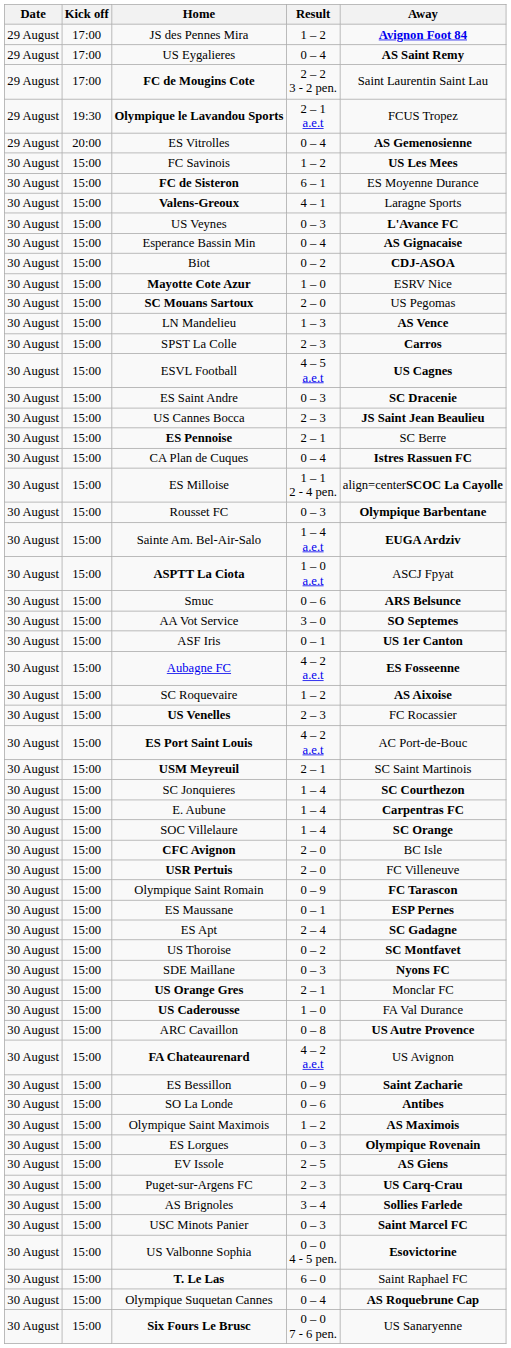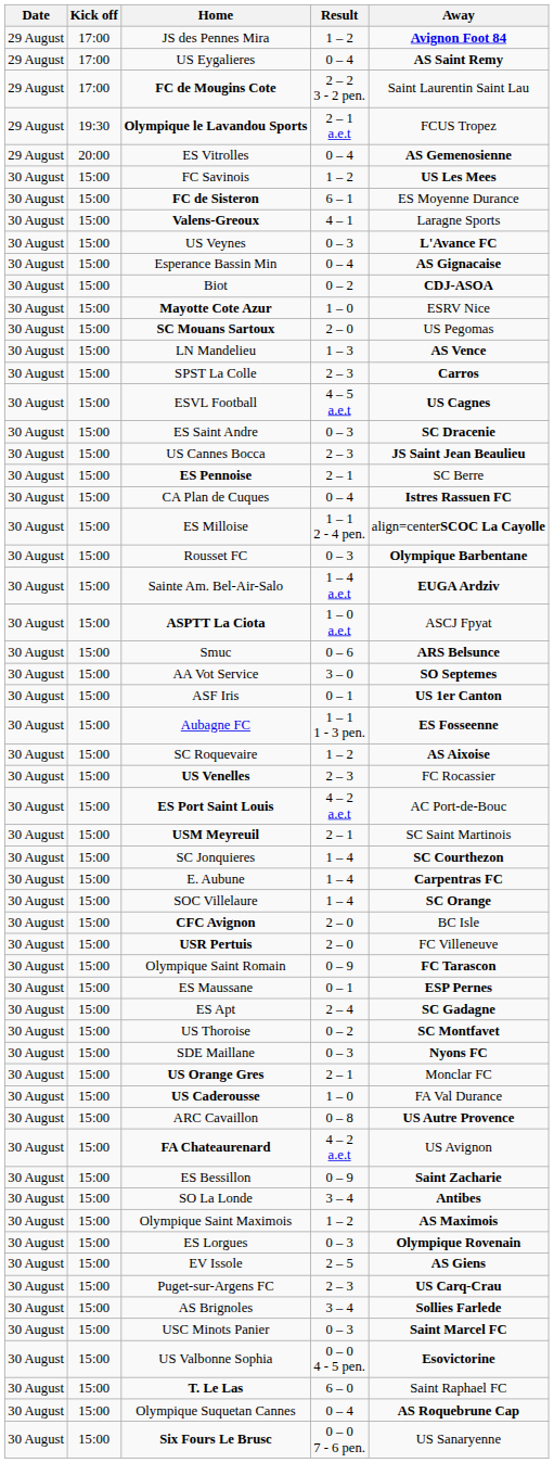 <table class="wikitable" style="text-align: center">
 <tr>
 <th scope="col">Date</th>
 <th scope="col">Kick off</th>
 <th scope="col">Home</th>
 <th scope="col">Result</th>
 <th scope="col">Away</th>
 </tr>
 <tr>
 <td>29 August</td>
 <td>17:00</td>
 <td>JS des Pennes Mira</td>
 <td>1 – 2</td>
 <td><strong><a href='#'>Avignon Foot 84</a></strong></td>
 </tr>
 <tr>
 <td>29 August</td>
 <td>17:00</td>
 <td>US Eygalieres</td>
 <td>0 – 4</td>
 <td><strong>AS Saint Remy</strong></td>
 </tr>
 <tr>
 <td>29 August</td>
 <td>17:00</td>
 <td><strong>FC de Mougins Cote</strong></td>
 <td>2 – 2 <br> 3 - 2 pen.</td>
 <td>Saint Laurentin Saint Lau</td>
 </tr>
 <tr>
 <td>29 August</td>
 <td>19:30</td>
 <td><strong>Olympique le Lavandou Sports</strong></td>
 <td>2 – 1 <br> <a href='#'>a.e.t</a></td>
 <td>FCUS Tropez</td>
 </tr>
 <tr>
 <td>29 August</td>
 <td>20:00</td>
 <td>ES Vitrolles</td>
 <td>0 – 4</td>
 <td><strong>AS Gemenosienne</strong></td>
 </tr>
 <tr>
 <td>30 August</td>
 <td>15:00</td>
 <td>FC Savinois</td>
 <td>1 – 2</td>
 <td><strong>US Les Mees</strong></td>
 </tr>
 <tr>
 <td>30 August</td>
 <td>15:00</td>
 <td><strong>FC de Sisteron</strong></td>
 <td>6 – 1</td>
 <td>ES Moyenne Durance</td>
 </tr>
 <tr>
 <td>30 August</td>
 <td>15:00</td>
 <td><strong>Valens-Greoux</strong></td>
 <td>4 – 1</td>
 <td>Laragne Sports</td>
 </tr>
 <tr>
 <td>30 August</td>
 <td>15:00</td>
 <td>US Veynes</td>
 <td>0 – 3</td>
 <td><strong>L'Avance FC</strong></td>
 </tr>
 <tr>
 <td>30 August</td>
 <td>15:00</td>
 <td>Esperance Bassin Min</td>
 <td>0 – 4</td>
 <td><strong>AS Gignacaise</strong></td>
 </tr>
 <tr>
 <td>30 August</td>
 <td>15:00</td>
 <td>Biot</td>
 <td>0 – 2</td>
 <td><strong>CDJ-ASOA</strong></td>
 </tr>
 <tr>
 <td>30 August</td>
 <td>15:00</td>
 <td><strong>Mayotte Cote Azur</strong></td>
 <td>1 – 0</td>
 <td>ESRV Nice</td>
 </tr>
 <tr>
 <td>30 August</td>
 <td>15:00</td>
 <td><strong>SC Mouans Sartoux</strong></td>
 <td>2 – 0</td>
 <td>US Pegomas</td>
 </tr>
 <tr>
 <td>30 August</td>
 <td>15:00</td>
 <td>LN Mandelieu</td>
 <td>1 – 3</td>
 <td><strong>AS Vence</strong></td>
 </tr>
 <tr>
 <td>30 August</td>
 <td>15:00</td>
 <td>SPST La Colle</td>
 <td>2 – 3</td>
 <td><strong>Carros</strong></td>
 </tr>
 <tr>
 <td>30 August</td>
 <td>15:00</td>
 <td>ESVL Football</td>
 <td>4 – 5 <br> <a href='#'>a.e.t</a></td>
 <td><strong>US Cagnes</strong></td>
 </tr>
 <tr>
 <td>30 August</td>
 <td>15:00</td>
 <td>ES Saint Andre</td>
 <td>0 – 3</td>
 <td><strong>SC Dracenie</strong></td>
 </tr>
 <tr>
 <td>30 August</td>
 <td>15:00</td>
 <td>US Cannes Bocca</td>
 <td>2 – 3</td>
 <td><strong>JS Saint Jean Beaulieu</strong></td>
 </tr>
 <tr>
 <td>30 August</td>
 <td>15:00</td>
 <td><strong>ES Pennoise</strong></td>
 <td>2 – 1</td>
 <td>SC Berre</td>
 </tr>
 <tr>
 <td>30 August</td>
 <td>15:00</td>
 <td>CA Plan de Cuques</td>
 <td>0 – 4</td>
 <td><strong>Istres Rassuen FC</strong></td>
 </tr>
 <tr>
 <td>30 August</td>
 <td>15:00</td>
 <td>ES Milloise</td>
 <td>1 – 1 <br> 2 - 4 pen.</td>
 <td>align=center<strong>SCOC La Cayolle</strong></td>
 </tr>
 <tr>
 <td>30 August</td>
 <td>15:00</td>
 <td>Rousset FC</td>
 <td>0 – 3</td>
 <td><strong>Olympique Barbentane</strong></td>
 </tr>
 <tr>
 <td>30 August</td>
 <td>15:00</td>
 <td>Sainte Am. Bel-Air-Salo</td>
 <td>1 – 4 <br> <a href='#'>a.e.t</a></td>
 <td><strong>EUGA Ardziv</strong></td>
 </tr>
 <tr>
 <td>30 August</td>
 <td>15:00</td>
 <td><strong>ASPTT La Ciota</strong></td>
 <td>1 – 0 <br> <a href='#'>a.e.t</a></td>
 <td>ASCJ Fpyat</td>
 </tr>
 <tr>
 <td>30 August</td>
 <td>15:00</td>
 <td>Smuc</td>
 <td>0 – 6</td>
 <td><strong>ARS Belsunce</strong></td>
 </tr>
 <tr>
 <td>30 August</td>
 <td>15:00</td>
 <td>AA Vot Service</td>
 <td>3 – 0</td>
 <td><strong>SO Septemes</strong></td>
 </tr>
 <tr>
 <td>30 August</td>
 <td>15:00</td>
 <td>ASF Iris</td>
 <td>0 – 1</td>
 <td><strong>US 1er Canton</strong></td>
 </tr>
 <tr>
 <td>30 August</td>
 <td>15:00</td>
 <td><a href='#'>Aubagne FC</a></td>
-<td>4 – 2 <br> <a href='#'>a.e.t</a></td>
+<td>1 – 1 <br> 1 - 3 pen.</td>
 <td><strong>ES Fosseenne</strong></td>
 </tr>
 <tr>
 <td>30 August</td>
 <td>15:00</td>
 <td>SC Roquevaire</td>
 <td>1 – 2</td>
 <td><strong>AS Aixoise</strong></td>
 </tr>
 <tr>
 <td>30 August</td>
 <td>15:00</td>
 <td><strong>US Venelles</strong></td>
 <td>2 – 3</td>
 <td>FC Rocassier</td>
 </tr>
 <tr>
 <td>30 August</td>
 <td>15:00</td>
 <td><strong>ES Port Saint Louis</strong></td>
 <td>4 – 2 <br> <a href='#'>a.e.t</a></td>
 <td>AC Port-de-Bouc</td>
 </tr>
 <tr>
 <td>30 August</td>
 <td>15:00</td>
 <td><strong>USM Meyreuil</strong></td>
 <td>2 – 1</td>
 <td>SC Saint Martinois</td>
 </tr>
 <tr>
 <td>30 August</td>
 <td>15:00</td>
 <td>SC Jonquieres</td>
 <td>1 – 4</td>
 <td><strong>SC Courthezon</strong></td>
 </tr>
 <tr>
 <td>30 August</td>
 <td>15:00</td>
 <td>E. Aubune</td>
 <td>1 – 4</td>
 <td><strong>Carpentras FC</strong></td>
 </tr>
 <tr>
 <td>30 August</td>
 <td>15:00</td>
 <td>SOC Villelaure</td>
 <td>1 – 4</td>
 <td><strong>SC Orange</strong></td>
 </tr>
 <tr>
 <td>30 August</td>
 <td>15:00</td>
 <td><strong>CFC Avignon</strong></td>
 <td>2 – 0</td>
 <td>BC Isle</td>
 </tr>
 <tr>
 <td>30 August</td>
 <td>15:00</td>
 <td><strong>USR Pertuis</strong></td>
 <td>2 – 0</td>
 <td>FC Villeneuve</td>
 </tr>
 <tr>
 <td>30 August</td>
 <td>15:00</td>
 <td>Olympique Saint Romain</td>
 <td>0 – 9</td>
 <td><strong>FC Tarascon</strong></td>
 </tr>
 <tr>
 <td>30 August</td>
 <td>15:00</td>
 <td>ES Maussane</td>
 <td>0 – 1</td>
 <td><strong>ESP Pernes</strong></td>
 </tr>
 <tr>
 <td>30 August</td>
 <td>15:00</td>
 <td>ES Apt</td>
 <td>2 – 4</td>
 <td><strong>SC Gadagne</strong></td>
 </tr>
 <tr>
 <td>30 August</td>
 <td>15:00</td>
 <td>US Thoroise</td>
 <td>0 – 2</td>
 <td><strong>SC Montfavet</strong></td>
 </tr>
 <tr>
 <td>30 August</td>
 <td>15:00</td>
 <td>SDE Maillane</td>
 <td>0 – 3</td>
 <td><strong>Nyons FC</strong></td>
 </tr>
 <tr>
 <td>30 August</td>
 <td>15:00</td>
 <td><strong>US Orange Gres</strong></td>
 <td>2 – 1</td>
 <td>Monclar FC</td>
 </tr>
 <tr>
 <td>30 August</td>
 <td>15:00</td>
 <td><strong>US Caderousse</strong></td>
 <td>1 – 0</td>
 <td>FA Val Durance</td>
 </tr>
 <tr>
 <td>30 August</td>
 <td>15:00</td>
 <td>ARC Cavaillon</td>
 <td>0 – 8</td>
 <td><strong>US Autre Provence</strong></td>
 </tr>
 <tr>
 <td>30 August</td>
 <td>15:00</td>
 <td><strong>FA Chateaurenard</strong></td>
 <td>4 – 2 <br> <a href='#'>a.e.t</a></td>
 <td>US Avignon</td>
 </tr>
 <tr>
 <td>30 August</td>
 <td>15:00</td>
 <td>ES Bessillon</td>
 <td>0 – 9</td>
 <td><strong>Saint Zacharie</strong></td>
 </tr>
 <tr>
 <td>30 August</td>
 <td>15:00</td>
 <td>SO La Londe</td>
-<td>0 – 6</td>
+<td>3 – 4</td>
 <td><strong>Antibes</strong></td>
 </tr>
 <tr>
 <td>30 August</td>
 <td>15:00</td>
 <td>Olympique Saint Maximois</td>
 <td>1 – 2</td>
 <td><strong>AS Maximois</strong></td>
 </tr>
 <tr>
 <td>30 August</td>
 <td>15:00</td>
 <td>ES Lorgues</td>
 <td>0 – 3</td>
 <td><strong>Olympique Rovenain</strong></td>
 </tr>
 <tr>
 <td>30 August</td>
 <td>15:00</td>
 <td>EV Issole</td>
 <td>2 – 5</td>
 <td><strong>AS Giens</strong></td>
 </tr>
 <tr>
 <td>30 August</td>
 <td>15:00</td>
 <td>Puget-sur-Argens FC</td>
 <td>2 – 3</td>
 <td><strong>US Carq-Crau</strong></td>
 </tr>
 <tr>
 <td>30 August</td>
 <td>15:00</td>
 <td>AS Brignoles</td>
 <td>3 – 4</td>
 <td><strong>Sollies Farlede</strong></td>
 </tr>
 <tr>
 <td>30 August</td>
 <td>15:00</td>
 <td>USC Minots Panier</td>
 <td>0 – 3</td>
 <td><strong>Saint Marcel FC</strong></td>
 </tr>
 <tr>
 <td>30 August</td>
 <td>15:00</td>
 <td>US Valbonne Sophia</td>
 <td>0 – 0 <br> 4 - 5 pen.</td>
 <td><strong>Esovictorine</strong></td>
 </tr>
 <tr>
 <td>30 August</td>
 <td>15:00</td>
 <td><strong>T. Le Las</strong></td>
 <td>6 – 0</td>
 <td>Saint Raphael FC</td>
 </tr>
 <tr>
 <td>30 August</td>
 <td>15:00</td>
 <td>Olympique Suquetan Cannes</td>
 <td>0 – 4</td>
 <td><strong>AS Roquebrune Cap</strong></td>
 </tr>
 <tr>
 <td>30 August</td>
 <td>15:00</td>
 <td><strong>Six Fours Le Brusc</strong></td>
 <td>0 – 0 <br> 7 - 6 pen.</td>
 <td>US Sanaryenne</td>
 </tr>
 </table>
